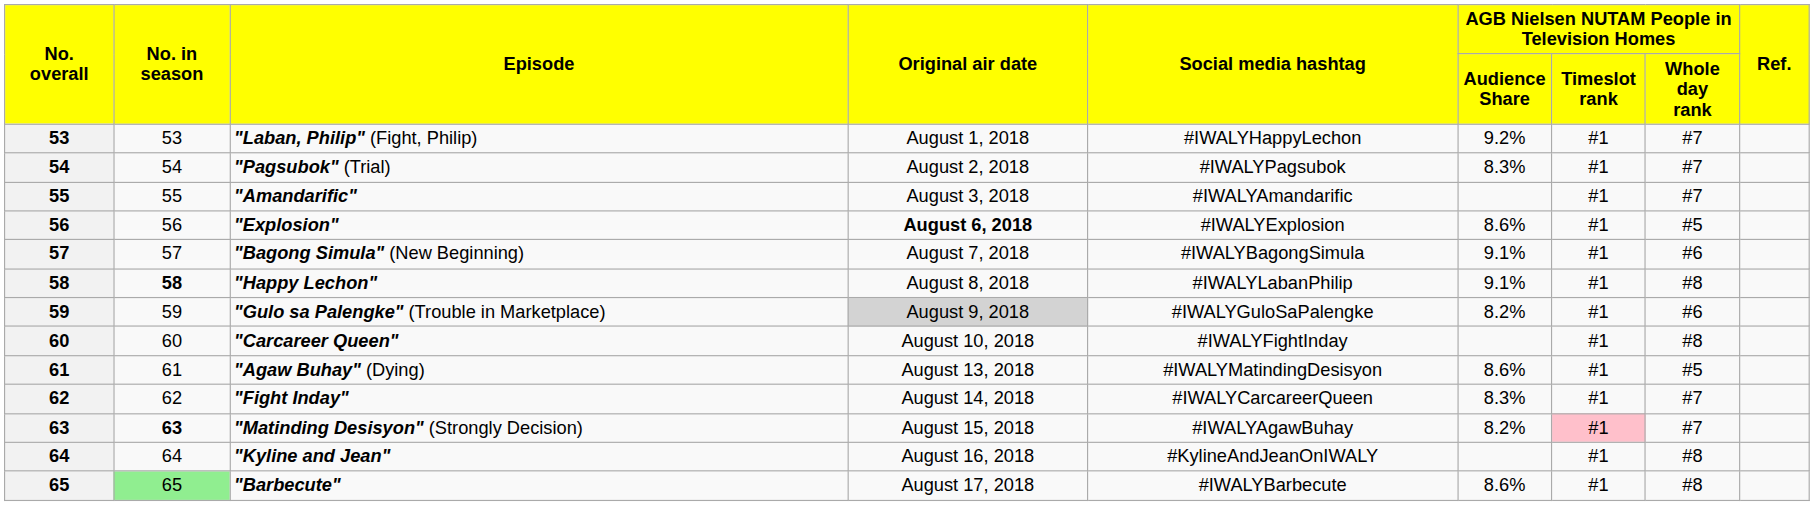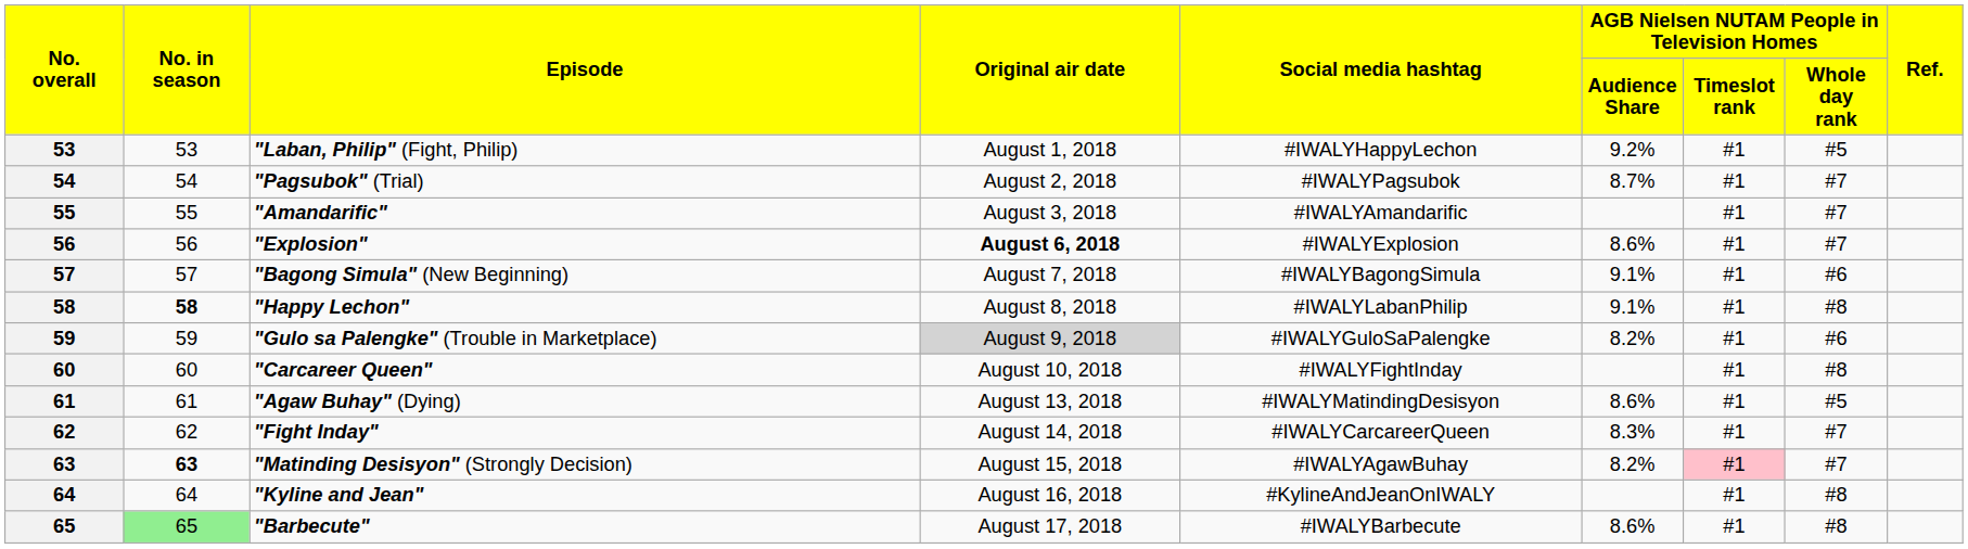 <table class="wikitable" style="text-align:center; font-size:100%; line-height:18px;" width="100%">
 <tr>
 <th style="background-color:#FFFF00; color:black;" rowspan="2">No.<br>overall</th>
 <th style="background-color:#FFFF00; color:black;" rowspan="2">No. in<br>season</th>
 <th style="background-color:#FFFF00; color:black;" rowspan="2">Episode</th>
 <th style="background-color:#FFFF00; color:black" rowspan="2">Original air date</th>
 <th style="background-color:#FFFF00; color:black" rowspan="2">Social media hashtag</th>
 <th style="background-color:#FFFF00; color:black;" colspan="3">AGB Nielsen NUTAM People in Television Homes</th>
 <th style="background-color:#FFFF00; color:black;" rowspan="2">Ref.</th>
 </tr>
 <tr>
 <th style="background-color:#FFFF00; width:75px; color:black;">Audience Share</th>
 <th style="background-color:#FFFF00; width:75px; color:black;">Timeslot<br>rank</th>
 <th style="background-color:#FFFF00; width:75px; color:black;">Whole day<br>rank</th>
 </tr>
 <tr>
 <th>53</th>
 <td>53</td>
 <td style="text-align: left;"><strong><em>"Laban, Philip"</em></strong> (Fight, Philip)</td>
 <td>August 1, 2018</td>
 <td>#IWALYHappyLechon</td>
 <td>9.2%</td>
 <td>#1</td>
-<td>#7</td>
+<td>#5</td>
 <td></td>
 </tr>
 <tr>
 <th>54</th>
 <td>54</td>
 <td style="text-align: left;"><strong><em>"Pagsubok"</em></strong> (Trial)</td>
 <td>August 2, 2018</td>
 <td>#IWALYPagsubok</td>
-<td>8.3%</td>
+<td>8.7%</td>
 <td>#1</td>
 <td>#7</td>
 <td></td>
 </tr>
 <tr>
 <th>55</th>
 <td>55</td>
 <td style="text-align: left;"><strong><em>"Amandarific"</em></strong></td>
 <td>August 3, 2018</td>
 <td>#IWALYAmandarific</td>
 <td></td>
 <td>#1</td>
 <td>#7</td>
 <td></td>
 </tr>
 <tr>
 <th>56</th>
 <td>56</td>
 <td style="text-align: left;"><strong><em>"Explosion"</em></strong></td>
 <td><strong>August 6, 2018</strong></td>
 <td>#IWALYExplosion</td>
 <td>8.6%</td>
 <td>#1</td>
-<td>#5</td>
+<td>#7</td>
 <td></td>
 </tr>
 <tr>
 <th>57</th>
 <td>57</td>
 <td style="text-align: left;"><strong><em>"Bagong Simula"</em></strong> (New Beginning)</td>
 <td>August 7, 2018</td>
 <td>#IWALYBagongSimula</td>
 <td>9.1%</td>
 <td>#1</td>
 <td>#6</td>
 <td></td>
 </tr>
 <tr>
 <th>58</th>
 <td><strong>58</strong></td>
 <td style="text-align: left;"><strong><em>"Happy Lechon"</em></strong></td>
 <td>August 8, 2018</td>
 <td>#IWALYLabanPhilip</td>
 <td>9.1%</td>
 <td>#1</td>
 <td>#8</td>
 <td></td>
 </tr>
 <tr>
 <th>59</th>
 <td>59</td>
 <td style="text-align: left;"><strong><em>"Gulo sa Palengke"</em></strong> (Trouble in Marketplace)</td>
 <td style="background: lightgrey;">August 9, 2018</td>
 <td>#IWALYGuloSaPalengke</td>
 <td>8.2%</td>
 <td>#1</td>
 <td>#6</td>
 <td></td>
 </tr>
 <tr>
 <th>60</th>
 <td>60</td>
 <td style="text-align: left;"><strong><em>"Carcareer Queen"</em></strong></td>
 <td>August 10, 2018</td>
 <td>#IWALYFightInday</td>
 <td></td>
 <td>#1</td>
 <td>#8</td>
 <td></td>
 </tr>
 <tr>
 <th>61</th>
 <td>61</td>
 <td style="text-align: left;"><strong><em>"Agaw Buhay"</em></strong> (Dying)</td>
 <td>August 13, 2018</td>
 <td>#IWALYMatindingDesisyon</td>
 <td>8.6%</td>
 <td>#1</td>
 <td>#5</td>
 <td></td>
 </tr>
 <tr>
 <th>62</th>
 <td>62</td>
 <td style="text-align: left;"><strong><em>"Fight Inday"</em></strong></td>
 <td>August 14, 2018</td>
 <td>#IWALYCarcareerQueen</td>
 <td>8.3%</td>
 <td>#1</td>
 <td>#7</td>
 <td></td>
 </tr>
 <tr>
 <th>63</th>
 <td><strong>63</strong></td>
 <td style="text-align: left;"><strong><em>"Matinding Desisyon"</em></strong> (Strongly Decision)</td>
 <td>August 15, 2018</td>
 <td>#IWALYAgawBuhay</td>
 <td>8.2%</td>
 <td style="background: pink;">#1</td>
 <td>#7</td>
 <td></td>
 </tr>
 <tr>
 <th>64</th>
 <td>64</td>
 <td style="text-align: left;"><strong><em>"Kyline and Jean"</em></strong></td>
 <td>August 16, 2018</td>
 <td>#KylineAndJeanOnIWALY</td>
 <td></td>
 <td>#1</td>
 <td>#8</td>
 <td></td>
 </tr>
 <tr>
 <th>65</th>
 <td style="background: lightgreen;">65</td>
 <td style="text-align: left;"><strong><em>"Barbecute"</em></strong></td>
 <td>August 17, 2018</td>
 <td>#IWALYBarbecute</td>
 <td>8.6%</td>
 <td>#1</td>
 <td>#8</td>
 <td></td>
 </tr>
 </table>
